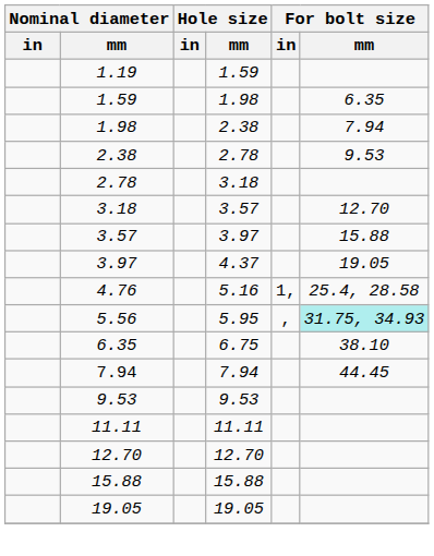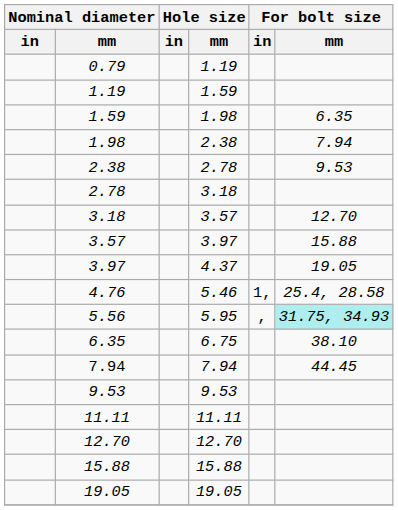 <table class="wikitable" style="text-align: center">
 <tr>
 <th colspan="2">Nominal diameter</th>
 <th colspan="2">Hole size</th>
 <th colspan="2">For bolt size</th>
 </tr>
 <tr>
 <th>in</th>
 <th>mm</th>
 <th>in</th>
 <th>mm</th>
 <th>in</th>
 <th>mm</th>
+</tr>
+<tr>
+<td></td>
+<td><em>0.79</em></td>
+<td></td>
+<td><em>1.19</em></td>
+<td></td>
+<td></td>
 </tr>
 <tr>
 <td></td>
 <td><em>1.19</em></td>
 <td></td>
 <td><em>1.59</em></td>
 <td></td>
 <td></td>
 </tr>
 <tr>
 <td></td>
 <td><em>1.59</em></td>
 <td></td>
 <td><em>1.98</em></td>
 <td></td>
 <td><em>6.35</em></td>
 </tr>
 <tr>
 <td></td>
 <td><em>1.98</em></td>
 <td></td>
 <td><em>2.38</em></td>
 <td></td>
 <td><em>7.94</em></td>
 </tr>
 <tr>
 <td></td>
 <td><em>2.38</em></td>
 <td></td>
 <td><em>2.78</em></td>
 <td></td>
 <td><em>9.53</em></td>
 </tr>
 <tr>
 <td></td>
 <td><em>2.78</em></td>
 <td></td>
 <td><em>3.18</em></td>
 <td></td>
 <td></td>
 </tr>
 <tr>
 <td></td>
 <td><em>3.18</em></td>
 <td></td>
 <td><em>3.57</em></td>
 <td></td>
 <td><em>12.70</em></td>
 </tr>
 <tr>
 <td></td>
 <td><em>3.57</em></td>
 <td></td>
 <td><em>3.97</em></td>
 <td></td>
 <td><em>15.88</em></td>
 </tr>
 <tr>
 <td></td>
 <td><em>3.97</em></td>
 <td></td>
 <td><em>4.37</em></td>
 <td></td>
 <td><em>19.05</em></td>
 </tr>
 <tr>
 <td></td>
 <td><em>4.76</em></td>
 <td></td>
-<td><em>5.16</em></td>
+<td><em>5.46</em></td>
 <td>1, </td>
 <td><em>25.4, 28.58</em></td>
 </tr>
 <tr>
 <td></td>
 <td><em>5.56</em></td>
 <td></td>
 <td><em>5.95</em></td>
 <td>, </td>
 <td style="background: paleturquoise;"><em>31.75, 34.93</em></td>
 </tr>
 <tr>
 <td></td>
 <td><em>6.35</em></td>
 <td></td>
 <td><em>6.75</em></td>
 <td></td>
 <td><em>38.10</em></td>
 </tr>
 <tr>
 <td></td>
 <td>7.94</td>
 <td></td>
 <td><em>7.94</em></td>
 <td></td>
 <td><em>44.45</em></td>
 </tr>
 <tr>
 <td></td>
 <td><em>9.53</em></td>
 <td></td>
 <td><em>9.53</em></td>
 <td></td>
 <td></td>
 </tr>
 <tr>
 <td></td>
 <td><em>11.11</em></td>
 <td></td>
 <td><em>11.11</em></td>
 <td></td>
 <td></td>
 </tr>
 <tr>
 <td></td>
 <td><em>12.70</em></td>
 <td></td>
 <td><em>12.70</em></td>
 <td></td>
 <td></td>
 </tr>
 <tr>
 <td></td>
 <td><em>15.88</em></td>
 <td></td>
 <td><em>15.88</em></td>
 <td></td>
 <td></td>
 </tr>
 <tr>
 <td></td>
 <td><em>19.05</em></td>
 <td></td>
 <td><em>19.05</em></td>
 <td></td>
 <td></td>
 </tr>
 <tr>
 </tr>
 </table>
